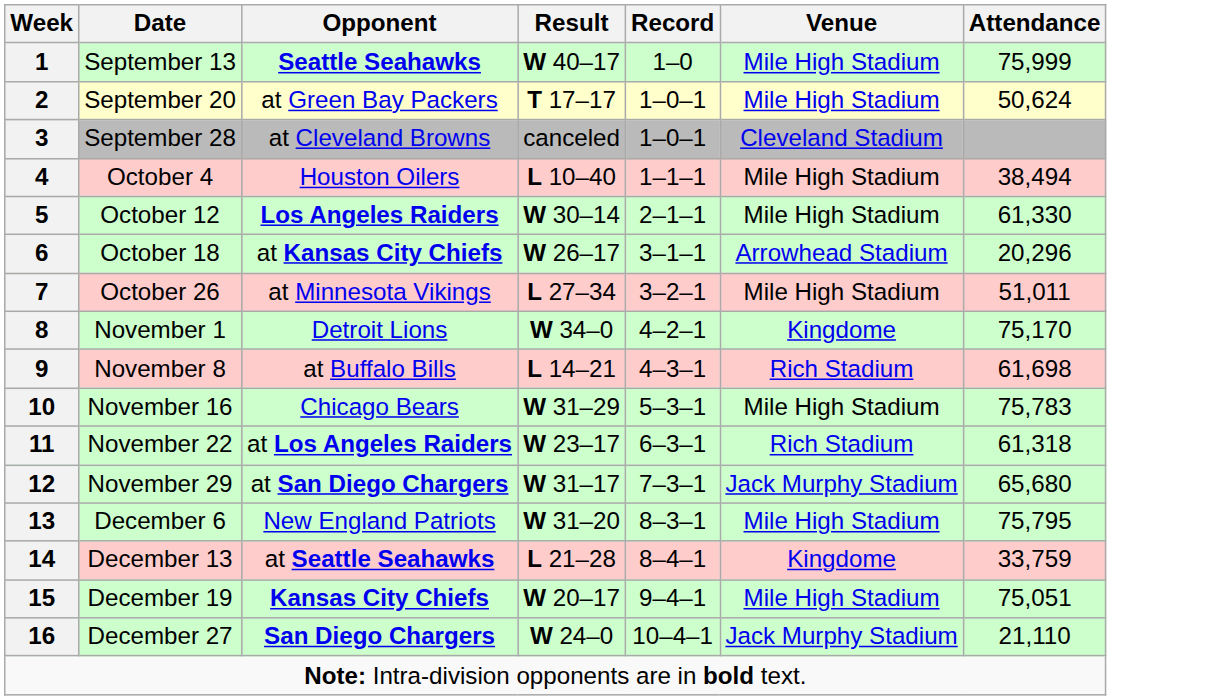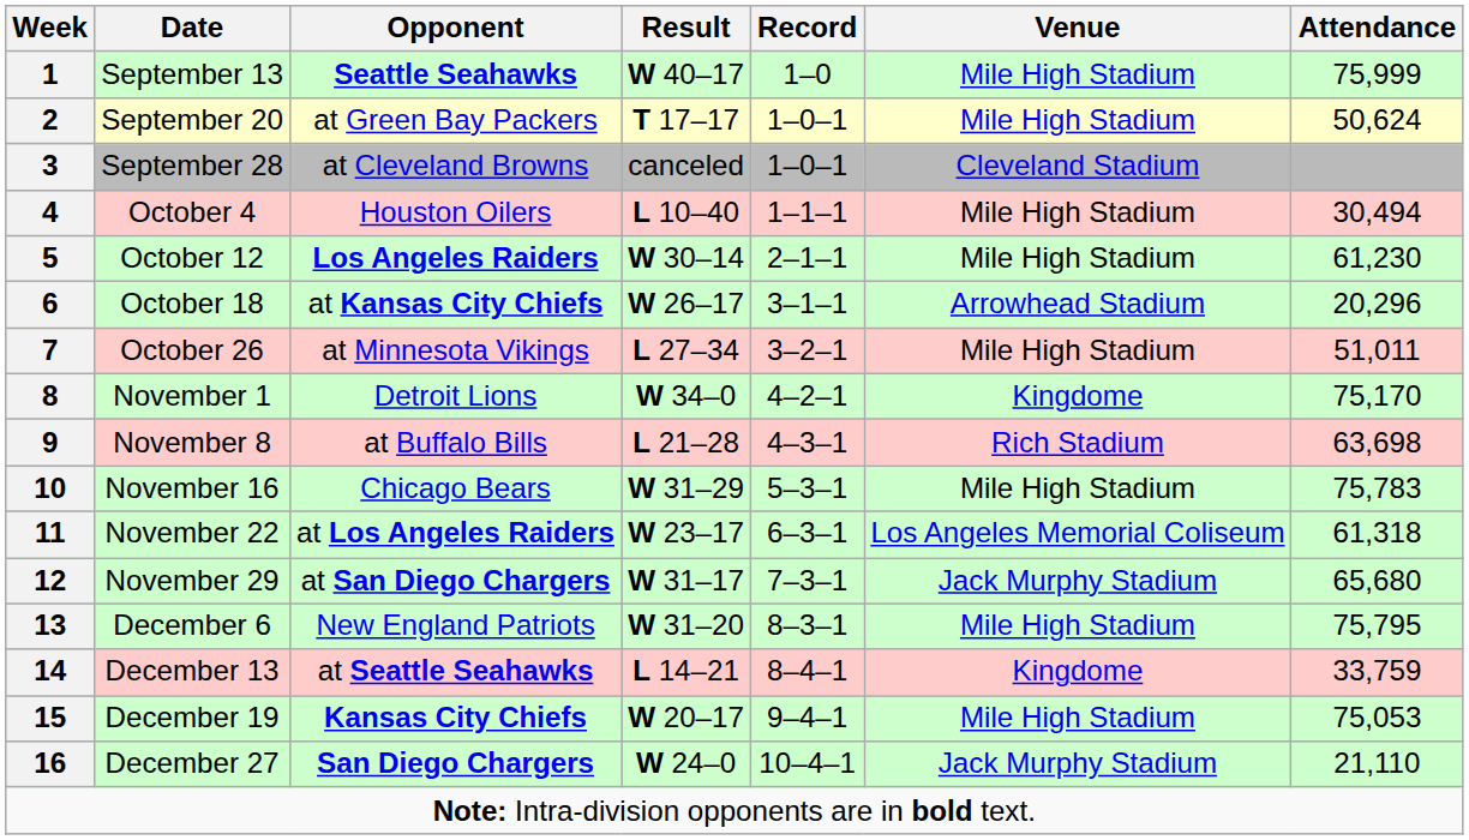 <table class="wikitable" style="text-align:center">
 <tr>
 <th>Week</th>
 <th>Date</th>
 <th>Opponent</th>
 <th>Result</th>
 <th>Record</th>
 <th>Venue</th>
 <th>Attendance</th>
 </tr>
 <tr style="background:#cfc">
 <th>1</th>
 <td>September 13</td>
 <td><strong><a href='#'>Seattle Seahawks</a></strong></td>
 <td><strong>W</strong> 40–17</td>
 <td>1–0</td>
 <td><a href='#'>Mile High Stadium</a></td>
 <td>75,999</td>
 </tr>
 <tr style="background:#ffc">
 <th>2</th>
 <td>September 20</td>
 <td>at <a href='#'>Green Bay Packers</a></td>
 <td><strong>T</strong> 17–17 </td>
 <td>1–0–1</td>
 <td><a href='#'>Mile High Stadium</a></td>
 <td>50,624</td>
 </tr>
 <tr style="background:#bababa">
 <th>3</th>
 <td>September 28</td>
 <td>at <a href='#'>Cleveland Browns</a></td>
 <td>canceled</td>
 <td>1–0–1</td>
 <td><a href='#'>Cleveland Stadium</a></td>
 <td></td>
 </tr>
 <tr style="background:#fcc">
 <th>4</th>
 <td>October 4</td>
 <td><a href='#'>Houston Oilers</a></td>
 <td><strong>L</strong> 10–40</td>
 <td>1–1–1</td>
 <td>Mile High Stadium</td>
-<td>38,494</td>
+<td>30,494</td>
 </tr>
 <tr style="background:#cfc">
 <th>5</th>
 <td>October 12</td>
 <td><strong><a href='#'>Los Angeles Raiders</a></strong></td>
 <td><strong>W</strong> 30–14</td>
 <td>2–1–1</td>
 <td>Mile High Stadium</td>
-<td>61,330</td>
+<td>61,230</td>
 </tr>
 <tr style="background:#cfc">
 <th>6</th>
 <td>October 18</td>
 <td>at <strong><a href='#'>Kansas City Chiefs</a></strong></td>
 <td><strong>W</strong> 26–17</td>
 <td>3–1–1</td>
 <td><a href='#'>Arrowhead Stadium</a></td>
 <td>20,296</td>
 </tr>
 <tr style="background:#fcc">
 <th>7</th>
 <td>October 26</td>
 <td>at <a href='#'>Minnesota Vikings</a></td>
 <td><strong>L</strong> 27–34</td>
 <td>3–2–1</td>
 <td>Mile High Stadium</td>
 <td>51,011</td>
 </tr>
 <tr style="background:#cfc">
 <th>8</th>
 <td>November 1</td>
 <td><a href='#'>Detroit Lions</a></td>
 <td><strong>W</strong> 34–0</td>
 <td>4–2–1</td>
 <td><a href='#'>Kingdome</a></td>
 <td>75,170</td>
 </tr>
 <tr style="background:#fcc">
 <th>9</th>
 <td>November 8</td>
 <td>at <a href='#'>Buffalo Bills</a></td>
-<td><strong>L</strong> 14–21</td>
+<td><strong>L</strong> 21–28</td>
 <td>4–3–1</td>
 <td><a href='#'>Rich Stadium</a></td>
-<td>61,698</td>
+<td>63,698</td>
 </tr>
 <tr style="background:#cfc">
 <th>10</th>
 <td>November 16</td>
 <td><a href='#'>Chicago Bears</a></td>
 <td><strong>W</strong> 31–29</td>
 <td>5–3–1</td>
 <td>Mile High Stadium</td>
 <td>75,783</td>
 </tr>
 <tr style="background:#cfc">
 <th>11</th>
 <td>November 22</td>
 <td>at <strong><a href='#'>Los Angeles Raiders</a></strong></td>
 <td><strong>W</strong> 23–17</td>
 <td>6–3–1</td>
-<td><a href='#'>Rich Stadium</a></td>
+<td><a href='#'>Los Angeles Memorial Coliseum</a></td>
 <td>61,318</td>
 </tr>
 <tr style="background:#cfc">
 <th>12</th>
 <td>November 29</td>
 <td>at <strong><a href='#'>San Diego Chargers</a></strong></td>
 <td><strong>W</strong> 31–17</td>
 <td>7–3–1</td>
 <td><a href='#'>Jack Murphy Stadium</a></td>
 <td>65,680</td>
 </tr>
 <tr style="background:#cfc">
 <th>13</th>
 <td>December 6</td>
 <td><a href='#'>New England Patriots</a></td>
 <td><strong>W</strong> 31–20</td>
 <td>8–3–1</td>
 <td><a href='#'>Mile High Stadium</a></td>
 <td>75,795</td>
 </tr>
 <tr style="background:#fcc">
 <th>14</th>
 <td>December 13</td>
 <td>at <strong><a href='#'>Seattle Seahawks</a></strong></td>
-<td><strong>L</strong> 21–28</td>
+<td><strong>L</strong> 14–21</td>
 <td>8–4–1</td>
 <td><a href='#'>Kingdome</a></td>
 <td>33,759</td>
 </tr>
 <tr style="background:#cfc">
 <th>15</th>
 <td>December 19</td>
 <td><strong><a href='#'>Kansas City Chiefs</a></strong></td>
 <td><strong>W</strong> 20–17</td>
 <td>9–4–1</td>
 <td><a href='#'>Mile High Stadium</a></td>
-<td>75,051</td>
+<td>75,053</td>
 </tr>
 <tr style="background:#cfc">
 <th>16</th>
 <td>December 27</td>
 <td><strong><a href='#'>San Diego Chargers</a></strong></td>
 <td><strong>W</strong> 24–0</td>
 <td>10–4–1</td>
 <td><a href='#'>Jack Murphy Stadium</a></td>
 <td>21,110</td>
 </tr>
 <tr>
 <td colspan="8"><strong>Note:</strong> Intra-division opponents are in <strong>bold</strong> text.</td>
 </tr>
 </table>
